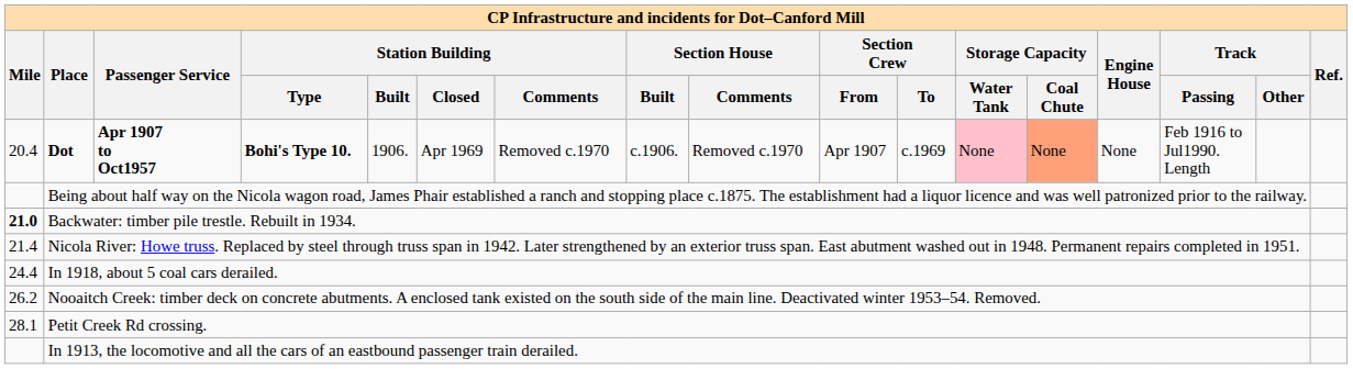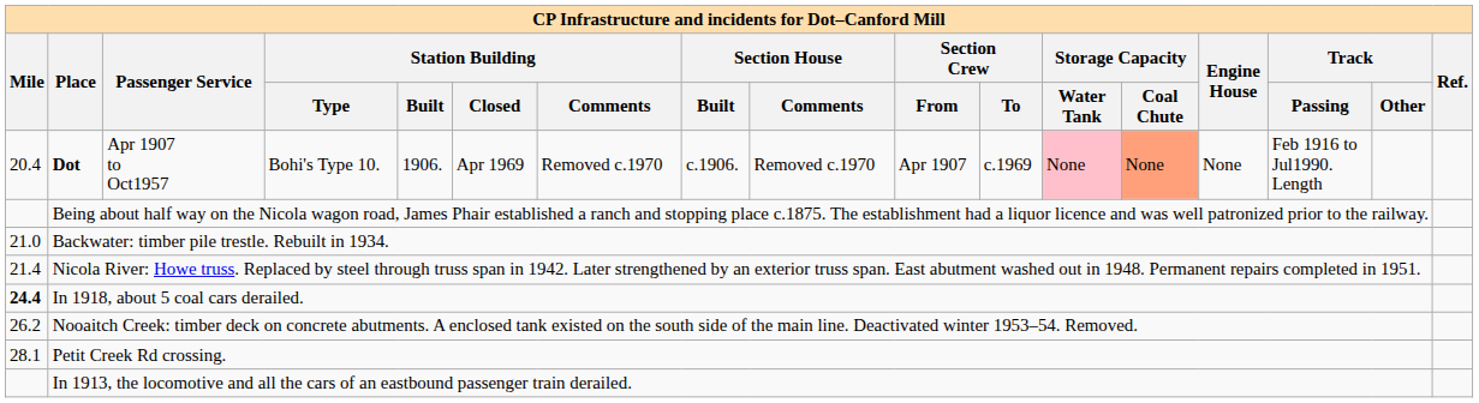 <table class="wikitable">
 <tr>
 <th colspan="17" style="background:#ffdead;">CP Infrastructure and incidents for Dot–Canford Mill</th>
 </tr>
 <tr>
 <th rowspan=2>Mile<br></th>
 <th rowspan=2>Place</th>
 <th rowspan=2>Passenger Service</th>
 <th colspan=4>Station Building</th>
 <th colspan=2>Section House</th>
 <th colspan=2>Section<br>Crew</th>
 <th colspan=2>Storage Capacity</th>
 <th rowspan=2>Engine<br>House</th>
 <th colspan=2>Track</th>
 <th rowspan=2>Ref.</th>
 </tr>
 <tr>
 <th>Type</th>
 <th>Built</th>
 <th>Closed</th>
 <th>Comments</th>
 <th>Built</th>
 <th>Comments</th>
 <th>From</th>
 <th>To</th>
 <th>Water<br>Tank</th>
 <th>Coal<br>Chute</th>
 <th>Passing</th>
 <th>Other</th>
 </tr>
 <tr>
 <td>20.4</td>
 <td><strong>Dot</strong></td>
-<td><strong>Apr 1907<br>to<br> Oct1957</strong></td>
-<td><strong>Bohi's Type 10.</strong></td>
+<td>Apr 1907<br>to<br> Oct1957</td>
+<td>Bohi's Type 10.</td>
 <td>1906.</td>
 <td>Apr 1969</td>
 <td>Removed c.1970</td>
 <td>c.1906.</td>
 <td>Removed c.1970</td>
 <td>Apr 1907</td>
 <td>c.1969</td>
 <td style="background: pink;">None</td>
 <td style="background: lightsalmon;">None</td>
 <td>None</td>
 <td>Feb 1916 to<br>Jul1990.<br>Length </td>
 <td></td>
 <td></td>
 </tr>
 <tr>
 <td></td>
 <td colspan=15>Being about half way on the Nicola wagon road, James Phair established a ranch and stopping place c.1875. The establishment had a liquor licence and was well patronized prior to the railway.</td>
 <td></td>
 </tr>
 <tr>
-<td><strong>21.0</strong></td>
+<td>21.0</td>
 <td colspan=15>Backwater:  timber pile trestle. Rebuilt in 1934.</td>
 <td></td>
 </tr>
 <tr>
 <td>21.4</td>
 <td colspan=15>Nicola River:  <a href='#'>Howe truss</a>. Replaced by  steel through truss span in 1942. Later strengthened by an exterior truss span. East abutment washed out in 1948. Permanent repairs completed in 1951.</td>
 <td></td>
 </tr>
 <tr>
-<td>24.4</td>
+<td><strong>24.4</strong></td>
 <td colspan=15>In 1918, about 5 coal cars derailed.</td>
 <td></td>
 </tr>
 <tr>
 <td>26.2</td>
 <td colspan=15>Nooaitch Creek:  timber deck on concrete abutments. A  enclosed tank existed on the south side of the main line. Deactivated winter 1953–54. Removed.</td>
 <td></td>
 </tr>
 <tr>
 <td>28.1</td>
 <td colspan=15>Petit Creek Rd crossing.</td>
 <td></td>
 </tr>
 <tr>
 <td></td>
 <td colspan=15>In 1913, the locomotive and all the cars of an eastbound passenger train derailed.</td>
 <td></td>
 </tr>
 </table>
